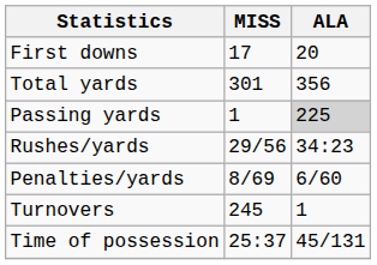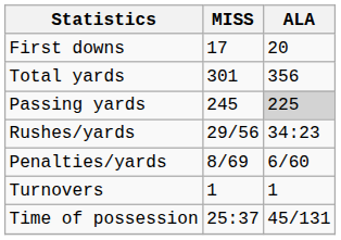 <table class="wikitable" style="float: left;">
 <tr>
 <th>Statistics</th>
 <th>MISS</th>
 <th>ALA</th>
 </tr>
 <tr>
 <td>First downs</td>
 <td>17</td>
 <td>20</td>
 </tr>
 <tr>
 <td>Total yards</td>
 <td>301</td>
 <td>356</td>
 </tr>
 <tr>
 <td>Passing yards</td>
-<td>1</td>
+<td>245</td>
 <td style="background: lightgrey;">225</td>
 </tr>
 <tr>
 <td>Rushes/yards</td>
 <td>29/56</td>
 <td>34:23</td>
 </tr>
 <tr>
 <td>Penalties/yards</td>
 <td>8/69</td>
 <td>6/60</td>
 </tr>
 <tr>
 <td>Turnovers</td>
-<td>245</td>
+<td>1</td>
 <td>1</td>
 </tr>
 <tr>
 <td>Time of possession</td>
 <td>25:37</td>
 <td>45/131</td>
 </tr>
 <tr>
 </tr>
 </table>
